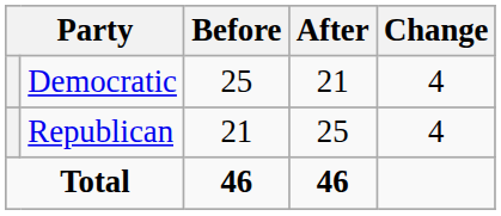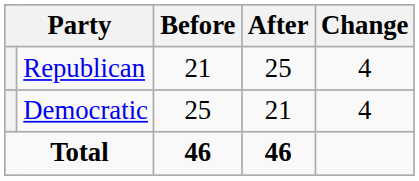 <table class="wikitable" style="text-align:center;">
 <tr>
 <th colspan="2">Party</th>
 <th>Before</th>
 <th>After</th>
 <th>Change</th>
 </tr>
 <tr>
 <th style="background-color:"></th>
-<td style="text-align:left;"><a href='#'>Democratic</a></td>
+<td style="text-align:left;"><a href='#'>Republican</a></td>
+<td>21</td>
 <td>25</td>
-<td>21</td>
 <td> 4</td>
 </tr>
 <tr>
 <th style="background-color:"></th>
-<td style="text-align:left;"><a href='#'>Republican</a></td>
+<td style="text-align:left;"><a href='#'>Democratic</a></td>
+<td>25</td>
 <td>21</td>
-<td>25</td>
 <td> 4</td>
 </tr>
 <tr>
 <td colspan="2"><strong>Total</strong></td>
 <td><strong>46</strong></td>
 <td><strong>46</strong></td>
 <td></td>
 </tr>
 </table>
